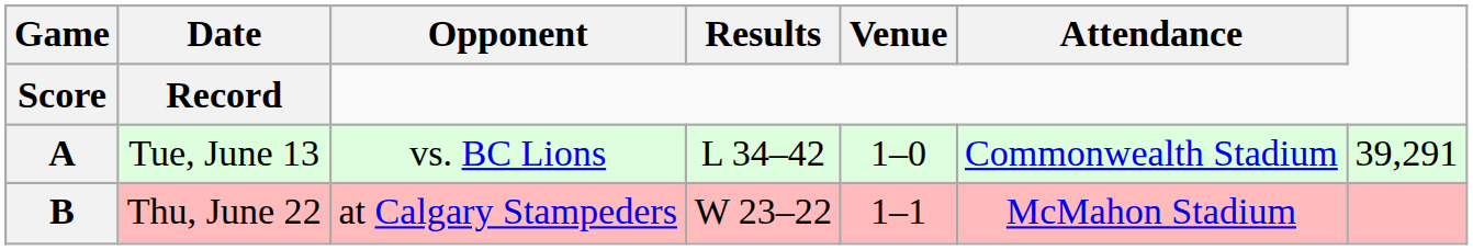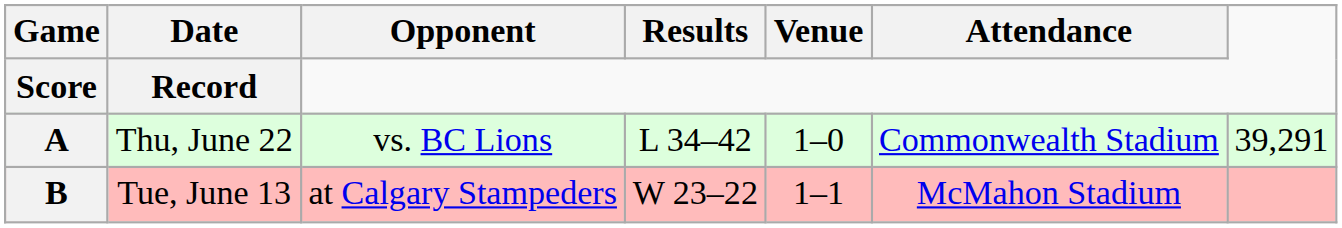 <table class="wikitable" style="text-align:center">
 <tr>
 <th>Game</th>
 <th>Date</th>
 <th>Opponent</th>
 <th>Results</th>
 <th>Venue</th>
 <th>Attendance</th>
 </tr>
 <tr>
 <th>Score</th>
 <th>Record</th>
 </tr>
 <tr style="background:#ddffdd">
 <th>A</th>
-<td>Tue, June 13</td>
+<td>Thu, June 22</td>
 <td>vs. <a href='#'>BC Lions</a></td>
 <td>L 34–42 </td>
 <td>1–0</td>
 <td><a href='#'>Commonwealth Stadium</a></td>
 <td>39,291</td>
 </tr>
 <tr style="background:#ffbbbb">
 <th>B</th>
-<td>Thu, June 22</td>
+<td>Tue, June 13</td>
 <td>at <a href='#'>Calgary Stampeders</a></td>
 <td>W 23–22</td>
 <td>1–1</td>
 <td><a href='#'>McMahon Stadium</a></td>
 <td></td>
 </tr>
 </table>
